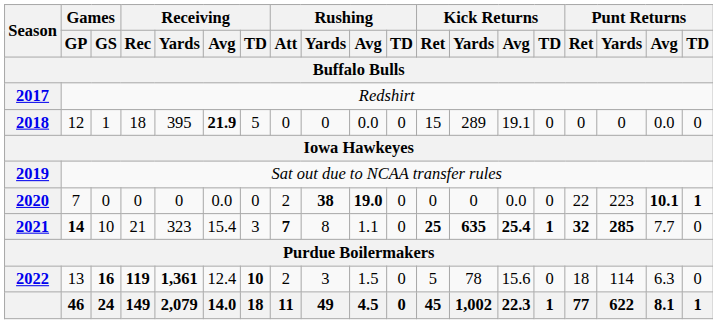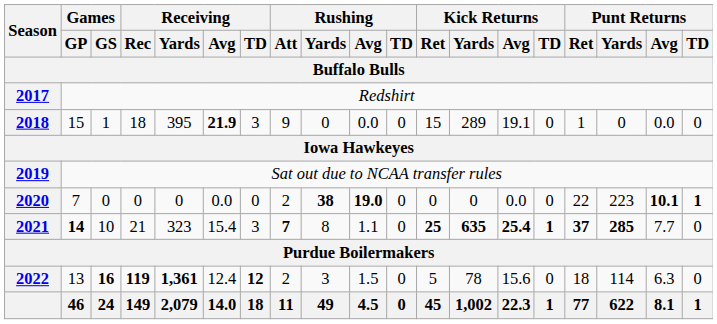 <table class="wikitable" style="text-align:center;">
 <tr>
 <th rowspan="2">Season</th>
 <th colspan="2">Games</th>
 <th colspan="4">Receiving</th>
 <th colspan="4">Rushing</th>
 <th colspan="4">Kick Returns</th>
 <th colspan="4">Punt Returns</th>
 </tr>
 <tr>
 <th>GP</th>
 <th>GS</th>
 <th>Rec</th>
 <th>Yards</th>
 <th>Avg</th>
 <th>TD</th>
 <th>Att</th>
 <th>Yards</th>
 <th>Avg</th>
 <th>TD</th>
 <th>Ret</th>
 <th>Yards</th>
 <th>Avg</th>
 <th>TD</th>
 <th>Ret</th>
 <th>Yards</th>
 <th>Avg</th>
 <th>TD</th>
 </tr>
 <tr>
 <th colspan="19">Buffalo Bulls</th>
 </tr>
 <tr>
 <th><a href='#'>2017</a></th>
 <td colspan="19"><em>Redshirt </em></td>
 </tr>
 <tr>
 <th><a href='#'>2018</a></th>
-<td>12</td>
+<td>15</td>
 <td>1</td>
 <td>18</td>
 <td>395</td>
 <td><strong>21.9</strong></td>
-<td>5</td>
-<td>0</td>
+<td>3</td>
+<td>9</td>
 <td>0</td>
 <td>0.0</td>
 <td>0</td>
 <td>15</td>
 <td>289</td>
 <td>19.1</td>
 <td>0</td>
-<td>0</td>
+<td>1</td>
 <td>0</td>
 <td>0.0</td>
 <td>0</td>
 </tr>
 <tr>
 <th colspan="19">Iowa Hawkeyes</th>
 </tr>
 <tr>
 <th><a href='#'>2019</a></th>
 <td colspan="19"><em>Sat out due to NCAA transfer rules</em></td>
 </tr>
 <tr>
 <th><a href='#'>2020</a></th>
 <td>7</td>
 <td>0</td>
 <td>0</td>
 <td>0</td>
 <td>0.0</td>
 <td>0</td>
 <td>2</td>
 <td><strong>38</strong></td>
 <td><strong>19.0</strong></td>
 <td>0</td>
 <td>0</td>
 <td>0</td>
 <td>0.0</td>
 <td>0</td>
 <td>22</td>
 <td>223</td>
 <td><strong>10.1</strong></td>
 <td><strong>1</strong></td>
 </tr>
 <tr>
 <th><a href='#'>2021</a></th>
 <td><strong>14</strong></td>
 <td>10</td>
 <td>21</td>
 <td>323</td>
 <td>15.4</td>
 <td>3</td>
 <td><strong>7</strong></td>
 <td>8</td>
 <td>1.1</td>
 <td>0</td>
 <td><strong>25</strong></td>
 <td><strong>635</strong></td>
 <td><strong>25.4</strong></td>
 <td><strong>1</strong></td>
-<td><strong>32</strong></td>
+<td><strong>37</strong></td>
 <td><strong>285</strong></td>
 <td>7.7</td>
 <td>0</td>
 </tr>
 <tr>
 <th colspan="19">Purdue Boilermakers</th>
 </tr>
 <tr>
 <th><a href='#'>2022</a></th>
 <td>13</td>
 <td><strong>16</strong></td>
 <td><strong>119</strong></td>
 <td><strong>1,361</strong></td>
 <td>12.4</td>
-<td><strong>10</strong></td>
+<td><strong>12</strong></td>
 <td>2</td>
 <td>3</td>
 <td>1.5</td>
 <td>0</td>
 <td>5</td>
 <td>78</td>
 <td>15.6</td>
 <td>0</td>
 <td>18</td>
 <td>114</td>
 <td>6.3</td>
 <td>0</td>
 </tr>
 <tr>
 <th></th>
 <th>46</th>
 <th>24</th>
 <th>149</th>
 <th>2,079</th>
 <th>14.0</th>
 <th>18</th>
 <th>11</th>
 <th>49</th>
 <th>4.5</th>
 <th>0</th>
 <th>45</th>
 <th>1,002</th>
 <th>22.3</th>
 <th>1</th>
 <th>77</th>
 <th>622</th>
 <th>8.1</th>
 <th>1</th>
 </tr>
 </table>
